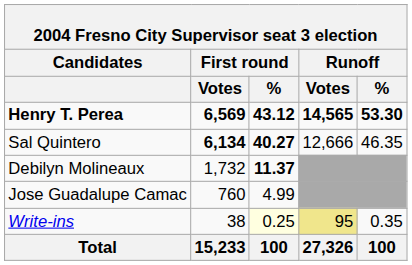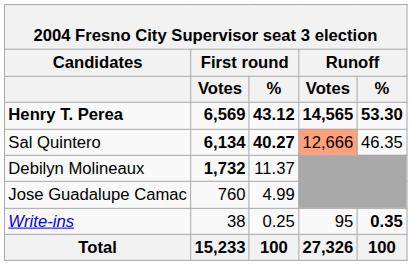 <table class=wikitable>
 <tr>
 <th colspan=5><br>2004 Fresno City Supervisor seat 3 election</th>
 </tr>
 <tr>
 <th colspan=1>Candidates</th>
 <th colspan=2>First round</th>
 <th colspan=2>Runoff</th>
 </tr>
 <tr>
 <th></th>
 <th>Votes</th>
 <th>%</th>
 <th>Votes</th>
 <th>%</th>
 </tr>
 <tr>
 <td><strong>Henry T. Perea</strong></td>
 <td align="right"><strong>6,569</strong></td>
 <td align="right"><strong>43.12</strong></td>
 <td align="right"><strong>14,565</strong></td>
 <td align="right"><strong>53.30</strong></td>
 </tr>
 <tr>
 <td>Sal Quintero</td>
 <td align="right"><strong>6,134</strong></td>
 <td align="right"><strong>40.27</strong></td>
-<td align="right">12,666</td>
+<td align="right" style="background: lightsalmon;">12,666</td>
 <td align="right">46.35</td>
 </tr>
 <tr>
 <td>Debilyn Molineaux</td>
-<td align="right">1,732</td>
-<td align="right"><strong>11.37</strong></td>
+<td align="right"><strong>1,732</strong></td>
+<td align="right">11.37</td>
 <td colspan=2 bgcolor=darkgray></td>
 </tr>
 <tr>
 <td>Jose Guadalupe Camac</td>
 <td align="right">760</td>
 <td align="right">4.99</td>
 <td colspan=2 bgcolor=darkgray></td>
 </tr>
 <tr>
 <td><em><a href='#'>Write-ins</a></em></td>
 <td align="right">38</td>
-<td align="right" style="background: lightyellow;">0.25</td>
-<td align="right" style="background: khaki;">95</td>
-<td align="right">0.35</td>
+<td align="right">0.25</td>
+<td align="right">95</td>
+<td align="right"><strong>0.35</strong></td>
 </tr>
 <tr>
 <th>Total</th>
 <th>15,233</th>
 <th>100</th>
 <th>27,326</th>
 <th>100</th>
 </tr>
 </table>
